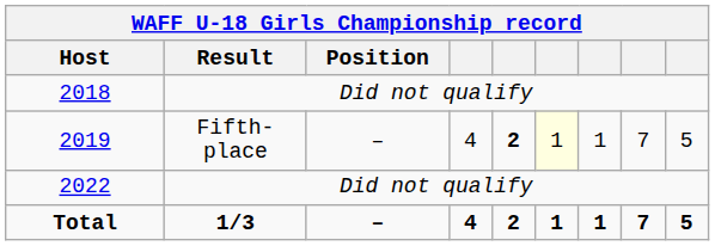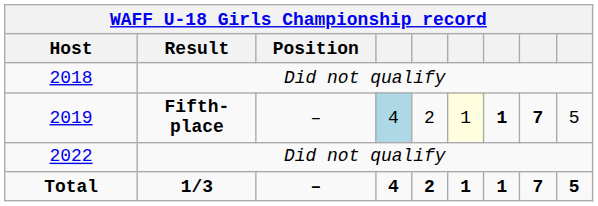 <table class="wikitable collapsible" style="text-align: center;">
 <tr>
 <th colspan=12><a href='#'>WAFF U-18 Girls Championship record</a></th>
 </tr>
 <tr>
 <th width="90">Host</th>
 <th width="80">Result</th>
 <th width="80">Position</th>
 <th width="20"></th>
 <th width="20"></th>
 <th width="20"></th>
 <th width="20"></th>
 <th width="20"></th>
 <th width="20"></th>
 </tr>
 <tr>
 <td> <a href='#'>2018</a></td>
 <td colspan=10><em>Did not qualify</em></td>
 </tr>
 <tr>
 <td> <a href='#'>2019</a></td>
-<td>Fifth-place</td>
+<td><strong>Fifth-place</strong></td>
 <td>–</td>
-<td>4</td>
-<td><strong>2</strong></td>
+<td style="background: lightblue;">4</td>
+<td>2</td>
 <td style="background: lightyellow;">1</td>
-<td>1</td>
-<td>7</td>
+<td><strong>1</strong></td>
+<td><strong>7</strong></td>
 <td>5</td>
 </tr>
 <tr>
 <td> <a href='#'>2022</a></td>
 <td colspan=10><em>Did not qualify</em></td>
 </tr>
 <tr>
 <td><strong>Total</strong></td>
 <td><strong>1/3</strong></td>
 <td><strong>–</strong></td>
 <td><strong>4</strong></td>
 <td><strong>2</strong></td>
 <td><strong>1</strong></td>
 <td><strong>1</strong></td>
 <td><strong>7</strong></td>
 <td><strong>5</strong></td>
 </tr>
 </table>
